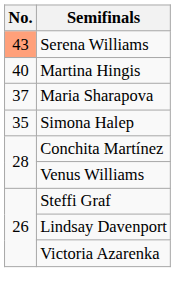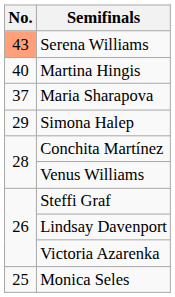 <table class="wikitable" style="text-align:center; display:inline-table">
 <tr>
 <th scope="col">No.</th>
 <th scope="col">Semifinals</th>
 </tr>
 <tr>
 <td style="background: lightsalmon;">43</td>
 <td style="text-align:left"> Serena Williams</td>
 </tr>
 <tr>
 <td>40</td>
 <td style="text-align:left"> Martina Hingis</td>
 </tr>
 <tr>
 <td>37</td>
 <td style="text-align:left"> Maria Sharapova</td>
 </tr>
 <tr>
-<td>35</td>
+<td>29</td>
 <td style="text-align:left"> Simona Halep</td>
 </tr>
 <tr>
 <td rowspan="2">28</td>
 <td style="text-align:left"> Conchita Martínez</td>
 </tr>
 <tr>
 <td style="text-align:left"> Venus Williams</td>
 </tr>
 <tr>
 <td rowspan="3">26</td>
 <td style="text-align:left"> Steffi Graf</td>
 </tr>
 <tr>
 <td style="text-align:left"> Lindsay Davenport</td>
 </tr>
 <tr>
 <td style="text-align:left"> Victoria Azarenka</td>
 </tr>
+<tr>
+<td>25</td>
+<td style="text-align:left"> Monica Seles</td>
+</tr>
 </table>
